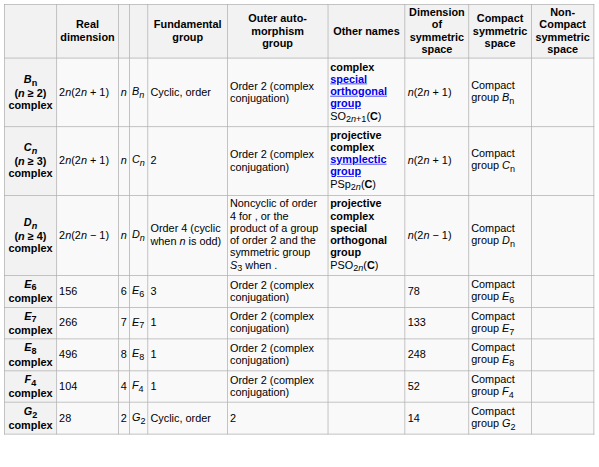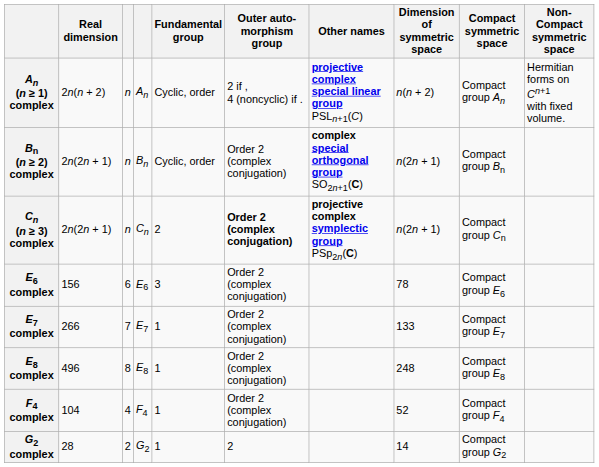 <table class="wikitable sortable sort-under">
 <tr>
 <th></th>
 <th>Real dimension</th>
 <th></th>
 <th></th>
 <th>Fundamental<br>group</th>
 <th class="unsortable">Outer auto­morphism<br>group</th>
 <th class="unsortable">Other names</th>
 <th>Dimension of<br>symmetric space</th>
 <th class="unsortable">Compact<br>symmetric space</th>
 <th class="unsortable">Non-Compact<br>symmetric space</th>
+</tr>
+<tr>
+<th><em>A</em><sub><em>n</em></sub><br>(<em>n</em> ≥ 1) complex</th>
+<td>2<em>n</em>(<em>n</em> + 2)</td>
+<td><em>n</em></td>
+<td><em>A</em><sub><em>n</em></sub></td>
+<td>Cyclic, order </td>
+<td>2 if ,<br>4 (noncyclic) if .</td>
+<td><strong><a href='#'>projective complex special linear group</a></strong><br>PSL<sub><em>n</em>+1</sub>(<em>C</em>)</td>
+<td><em>n</em>(<em>n</em> + 2)</td>
+<td>Compact group <em>A</em><sub><em>n</em></sub></td>
+<td>Hermitian forms on <em>C</em><sup><em>n</em>+1</sup><br>with fixed volume.</td>
 </tr>
 <tr>
 <th><em>B</em><sub>n</sub><br>(<em>n</em> ≥ 2) complex</th>
 <td>2<em>n</em>(2<em>n</em> + 1)</td>
 <td><em>n</em></td>
 <td><em>B</em><sub><em>n</em></sub></td>
 <td>Cyclic, order </td>
 <td>Order 2 (complex conjugation)</td>
 <td><strong>complex <a href='#'>special orthogonal group</a></strong><br>SO<sub>2<em>n</em>+1</sub>(<strong>C</strong>)</td>
 <td><em>n</em>(2<em>n</em> + 1)</td>
 <td>Compact group <em>B</em><sub>n</sub></td>
 <td></td>
 </tr>
 <tr>
 <th><em>C</em><sub><em>n</em></sub><br>(<em>n</em> ≥ 3) complex</th>
 <td>2<em>n</em>(2<em>n</em> + 1)</td>
 <td><em>n</em></td>
 <td><em>C</em><sub><em>n</em></sub></td>
 <td>2</td>
-<td>Order 2 (complex conjugation)</td>
+<td><strong>Order 2 (complex conjugation)</strong></td>
 <td><strong>projective complex <a href='#'>symplectic group</a></strong><br>PSp<sub>2<em>n</em></sub>(<strong>C</strong>)</td>
 <td><em>n</em>(2<em>n</em> + 1)</td>
 <td>Compact group <em>C</em><sub>n</sub></td>
-<td></td>
-</tr>
-<tr>
-<th><em>D</em><sub><em>n</em></sub><br>(<em>n</em> ≥ 4) complex</th>
-<td>2<em>n</em>(2<em>n</em> − 1)</td>
-<td><em>n</em></td>
-<td><em>D</em><sub><em>n</em></sub></td>
-<td>Order 4 (cyclic when <em>n</em> is odd)</td>
-<td>Noncyclic of order 4 for , or the product of a group of order 2 and the symmetric group <em>S</em><sub>3</sub> when .</td>
-<td><strong>projective complex special orthogonal group</strong><br>PSO<sub>2<em>n</em></sub>(<strong>C</strong>)</td>
-<td><em>n</em>(2<em>n</em> − 1)</td>
-<td>Compact group <em>D</em><sub>n</sub></td>
 <td></td>
 </tr>
 <tr>
 <th><em>E</em><sub>6</sub> complex</th>
 <td>156</td>
 <td>6</td>
 <td><em>E</em><sub>6</sub></td>
 <td>3</td>
 <td>Order 2 (complex conjugation)</td>
 <td></td>
 <td>78</td>
 <td>Compact group <em>E</em><sub>6</sub></td>
 <td></td>
 </tr>
 <tr>
 <th><em>E</em><sub>7</sub> complex</th>
 <td>266</td>
 <td>7</td>
 <td><em>E</em><sub>7</sub></td>
 <td>1</td>
 <td>Order 2 (complex conjugation)</td>
 <td></td>
 <td>133</td>
 <td>Compact group <em>E</em><sub>7</sub></td>
 <td></td>
 </tr>
 <tr>
 <th><em>E</em><sub>8</sub> complex</th>
 <td>496</td>
 <td>8</td>
 <td><em>E</em><sub>8</sub></td>
 <td>1</td>
 <td>Order 2 (complex conjugation)</td>
 <td></td>
 <td>248</td>
 <td>Compact group <em>E</em><sub>8</sub></td>
 <td></td>
 </tr>
 <tr>
 <th><em>F</em><sub>4</sub> complex</th>
 <td>104</td>
 <td>4</td>
 <td><em>F</em><sub>4</sub></td>
 <td>1</td>
 <td>Order 2 (complex conjugation)</td>
 <td></td>
 <td>52</td>
 <td>Compact group <em>F</em><sub>4</sub></td>
 <td></td>
 </tr>
 <tr>
 <th><em>G</em><sub>2</sub> complex</th>
 <td>28</td>
 <td>2</td>
 <td><em>G</em><sub>2</sub></td>
-<td>Cyclic, order </td>
+<td>1</td>
 <td>2</td>
 <td></td>
 <td>14</td>
 <td>Compact group <em>G</em><sub>2</sub></td>
 <td></td>
 </tr>
 </table>
